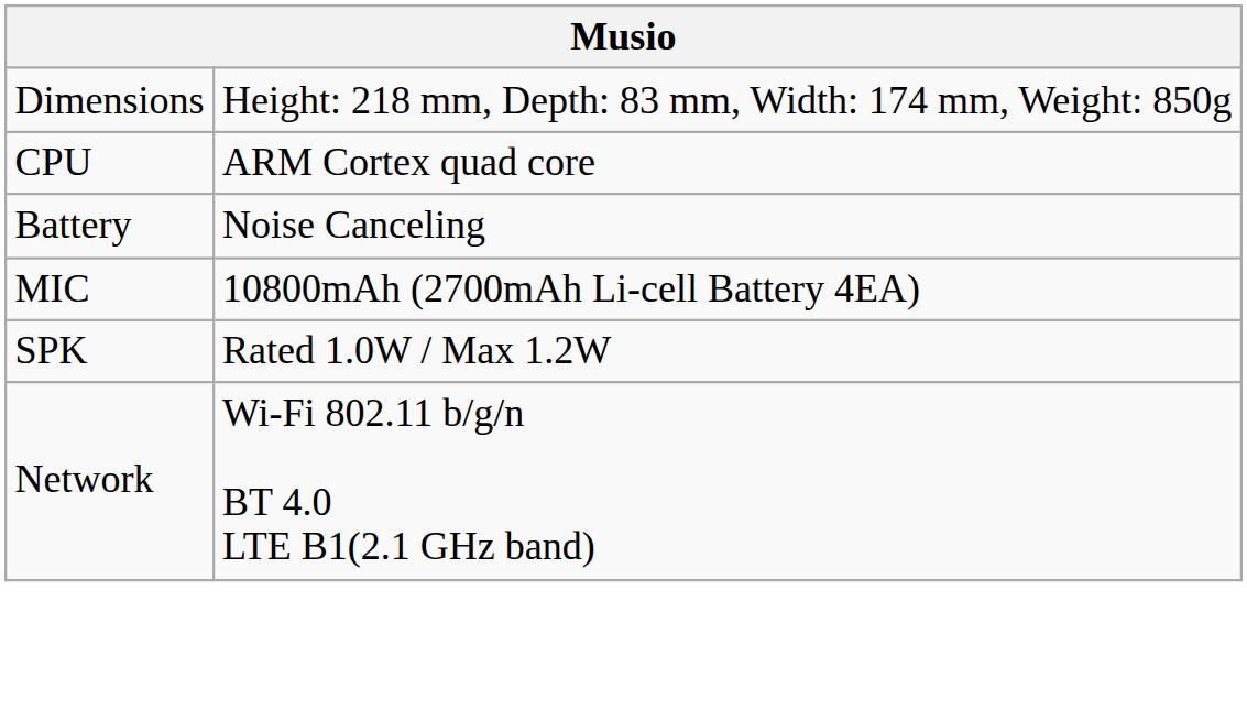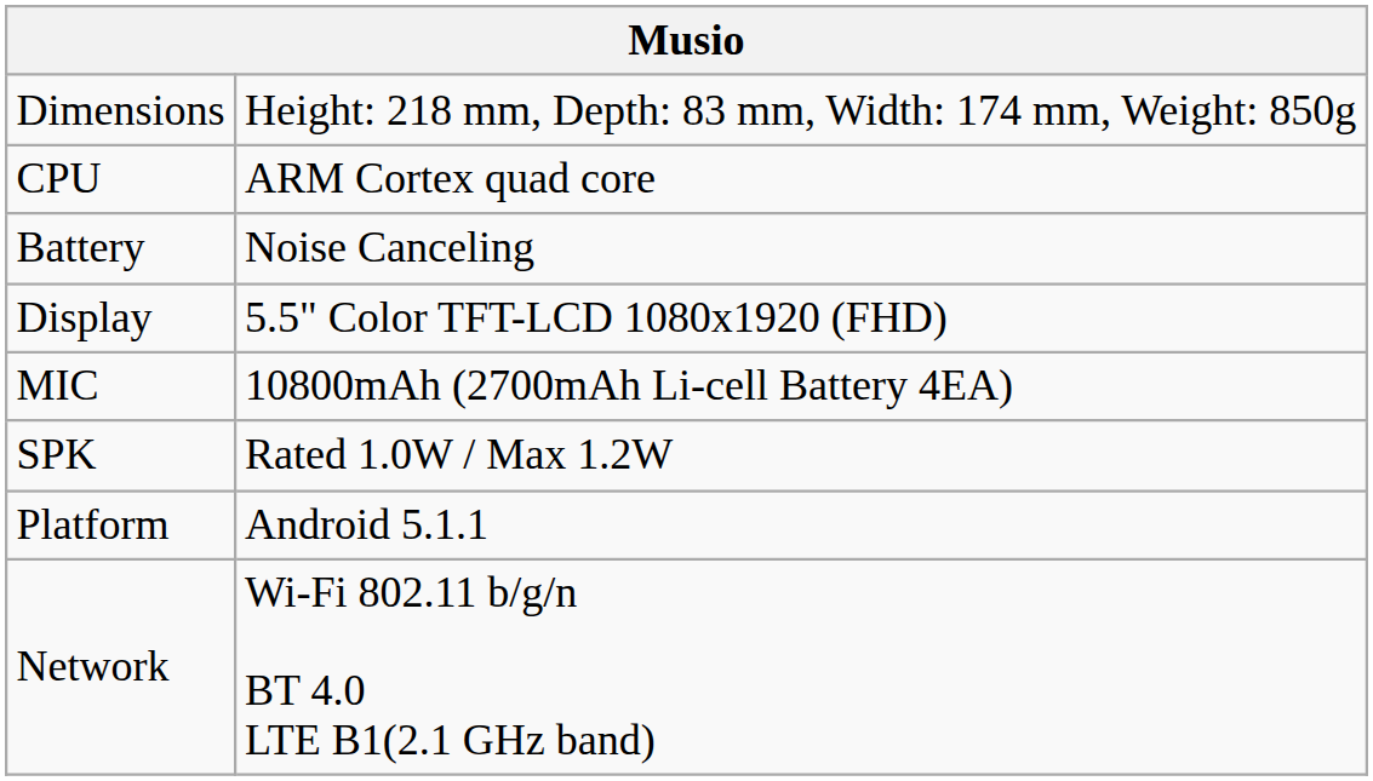 <table class="wikitable">
 <tr>
 <th bgcolor="#87CEEB" colspan="2">Musio</th>
 </tr>
 <tr>
 <td>Dimensions</td>
 <td>Height: 218 mm, Depth: 83 mm, Width: 174 mm, Weight: 850g</td>
 </tr>
 <tr>
 <td>CPU</td>
 <td>ARM Cortex quad core</td>
 </tr>
 <tr>
 <td>Battery</td>
 <td>Noise Canceling</td>
 </tr>
 <tr>
+<td>Display</td>
+<td>5.5" Color TFT-LCD 1080x1920 (FHD)</td>
+</tr>
+<tr>
 <td>MIC</td>
 <td>10800mAh (2700mAh Li-cell Battery 4EA)</td>
 </tr>
 <tr>
 <td>SPK</td>
 <td>Rated 1.0W / Max 1.2W</td>
 </tr>
 <tr>
+<td>Platform</td>
+<td>Android 5.1.1</td>
+</tr>
+<tr>
 <td>Network</td>
 <td>Wi-Fi 802.11 b/g/n<br><br>BT 4.0<br> LTE B1(2.1 GHz band)</td>
 </tr>
 </table>
